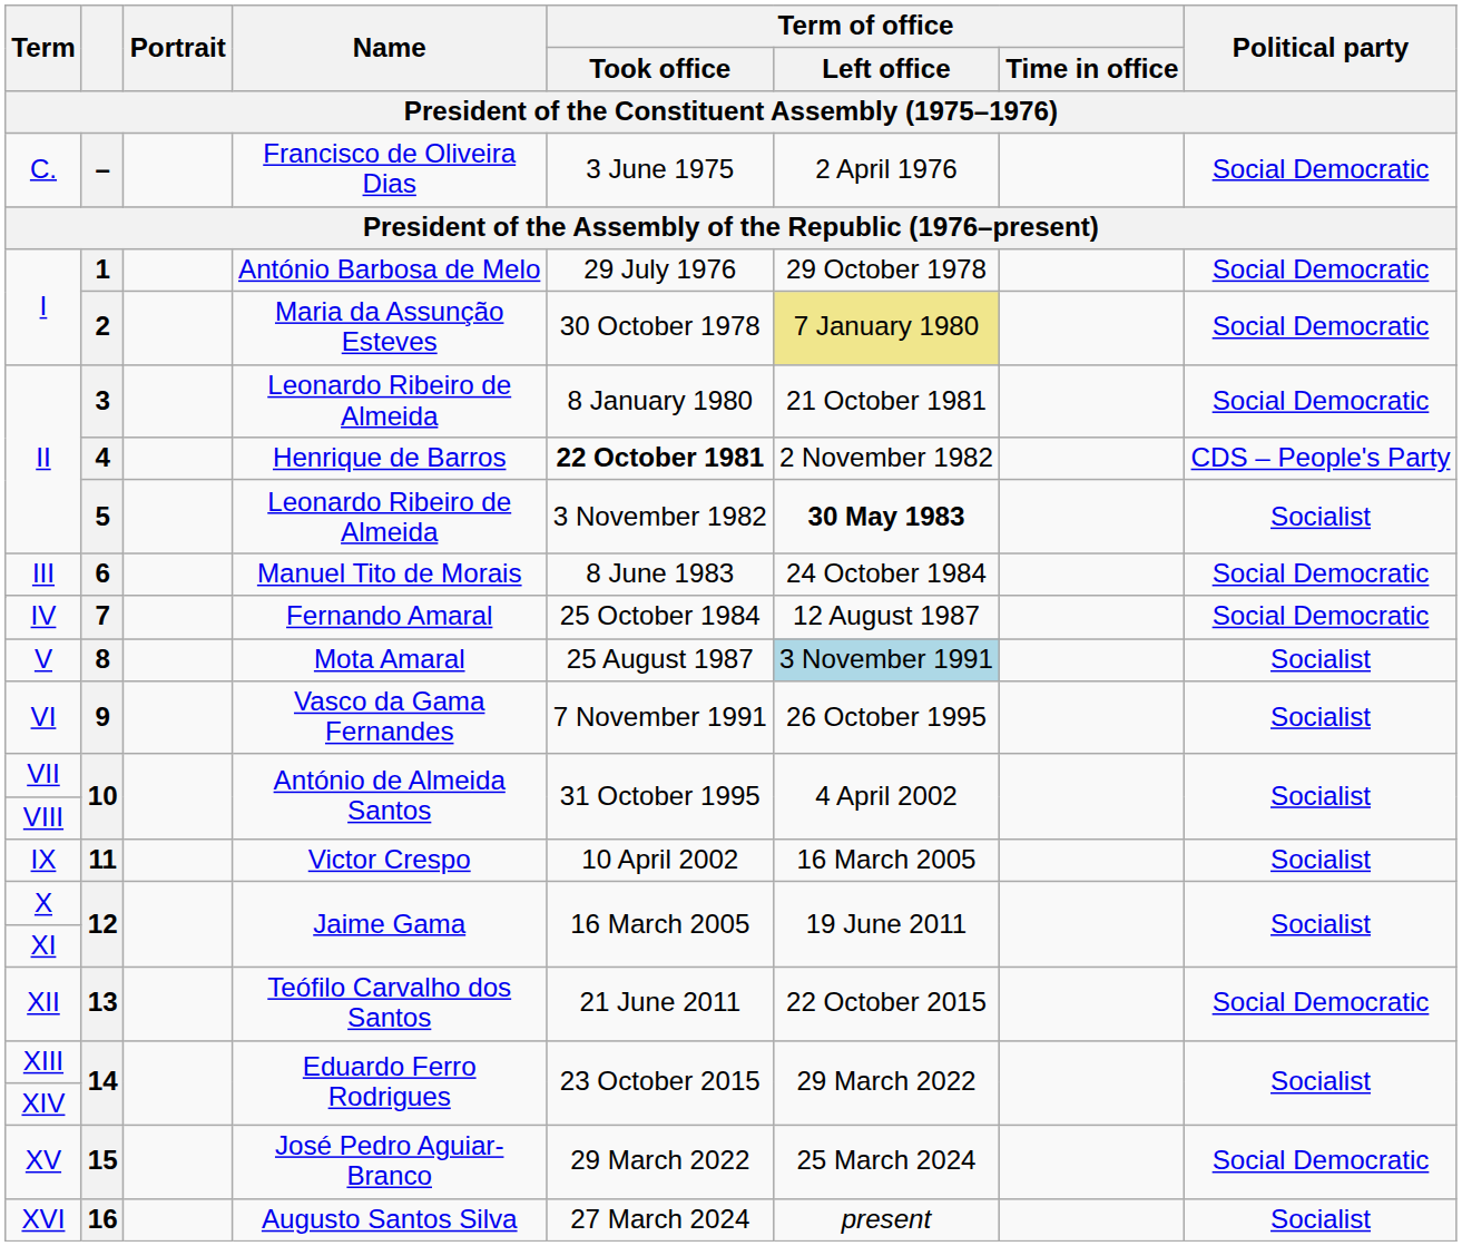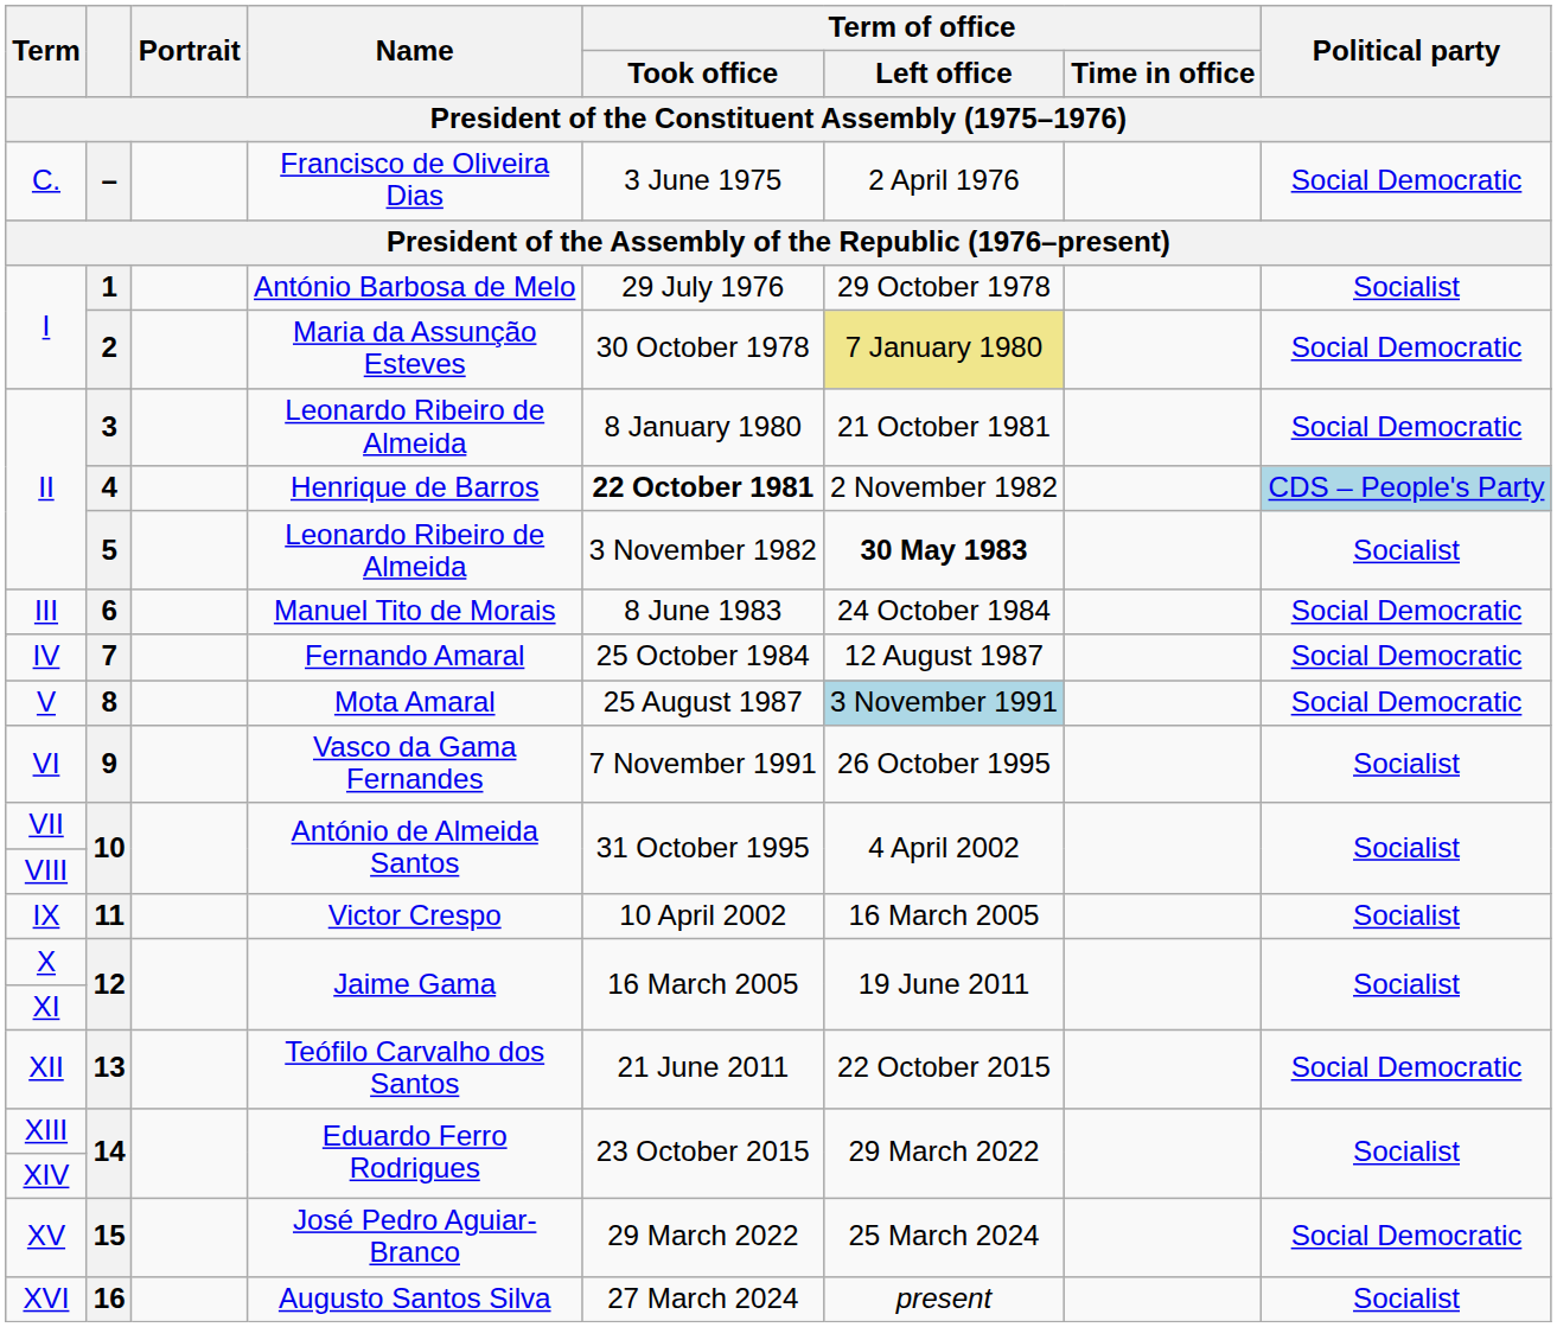 <table class="wikitable" style="text-align:center">
 <tr>
 <th rowspan="2">Term</th>
 <th rowspan="2"></th>
 <th rowspan="2">Portrait</th>
 <th rowspan="2" width="180">Name<br></th>
 <th colspan="3">Term of office</th>
 <th rowspan="2">Political party</th>
 </tr>
 <tr>
 <th>Took office</th>
 <th>Left office</th>
 <th>Time in office</th>
 </tr>
 <tr>
 <th colspan="8">President of the Constituent Assembly (1975–1976)</th>
 </tr>
 <tr>
 <td><a href='#'>C.</a></td>
 <th style="background: ">–</th>
 <td></td>
 <td><a href='#'>Francisco de Oliveira Dias</a><br></td>
 <td>3 June 1975</td>
 <td>2 April 1976</td>
 <td></td>
 <td><a href='#'>Social Democratic</a></td>
 </tr>
 <tr>
 <th colspan="8">President of the Assembly of the Republic (1976–present)</th>
 </tr>
 <tr>
 <td rowspan="3"><a href='#'>I</a></td>
 <th style="background: ">1</th>
 <td></td>
 <td><a href='#'>António Barbosa de Melo</a><br></td>
 <td>29 July 1976</td>
 <td>29 October 1978</td>
 <td></td>
-<td><a href='#'>Social Democratic</a></td>
+<td><a href='#'>Socialist</a></td>
 </tr>
 <tr>
 <th style="background: ">2</th>
 <td></td>
 <td><a href='#'>Maria da Assunção Esteves</a><br></td>
 <td>30 October 1978</td>
 <td style="background: khaki;">7 January 1980</td>
 <td></td>
 <td><a href='#'>Social Democratic</a></td>
 </tr>
 <tr>
 <th rowspan="2" style="background: ">3</th>
 <td rowspan="2"></td>
 <td rowspan="2"><a href='#'>Leonardo Ribeiro de Almeida</a><br></td>
 <td rowspan="2">8 January 1980</td>
 <td rowspan="2">21 October 1981</td>
 <td rowspan="2"></td>
 <td rowspan="2"><a href='#'>Social Democratic</a></td>
 </tr>
 <tr>
 <td rowspan="3"><a href='#'>II</a></td>
 </tr>
 <tr>
 <th style="background: ">4</th>
 <td></td>
 <td><a href='#'>Henrique de Barros</a><br></td>
 <td><strong>22 October 1981</strong></td>
 <td>2 November 1982</td>
 <td></td>
-<td><a href='#'>CDS – People's Party</a></td>
+<td style="background: lightblue;"><a href='#'>CDS – People's Party</a></td>
 </tr>
 <tr>
 <th style="background: ">5</th>
 <td></td>
 <td><a href='#'>Leonardo Ribeiro de Almeida</a><br></td>
 <td>3 November 1982</td>
 <td><strong>30 May 1983</strong></td>
 <td></td>
 <td><a href='#'>Socialist</a></td>
 </tr>
 <tr>
 <td rowspan="2"><a href='#'>III</a></td>
 <th style="background: ">6</th>
 <td></td>
 <td><a href='#'>Manuel Tito de Morais</a><br></td>
 <td>8 June 1983</td>
 <td>24 October 1984</td>
 <td></td>
 <td><a href='#'>Social Democratic</a></td>
 </tr>
 <tr>
 <th rowspan="2" style="background: ">7</th>
 <td rowspan="2"></td>
 <td rowspan="2"><a href='#'>Fernando Amaral</a><br></td>
 <td rowspan="2">25 October 1984</td>
 <td rowspan="2">12 August 1987</td>
 <td rowspan="2"></td>
 <td rowspan="2"><a href='#'>Social Democratic</a></td>
 </tr>
 <tr>
 <td><a href='#'>IV</a></td>
 </tr>
 <tr>
 <td><a href='#'>V</a></td>
 <th style="background: ">8</th>
 <td></td>
 <td><a href='#'>Mota Amaral</a><br></td>
 <td>25 August 1987</td>
 <td style="background: lightblue;">3 November 1991</td>
 <td></td>
-<td><a href='#'>Socialist</a></td>
+<td><a href='#'>Social Democratic</a></td>
 </tr>
 <tr>
 <td><a href='#'>VI</a></td>
 <th style="background: ">9</th>
 <td></td>
 <td><a href='#'>Vasco da Gama Fernandes</a><br></td>
 <td>7 November 1991</td>
 <td>26 October 1995</td>
 <td></td>
 <td><a href='#'>Socialist</a></td>
 </tr>
 <tr>
 <td><a href='#'>VII</a></td>
 <th rowspan="2" style="background: ">10</th>
 <td rowspan="2"></td>
 <td rowspan="2"><a href='#'>António de Almeida Santos</a><br></td>
 <td rowspan="2">31 October 1995</td>
 <td rowspan="2">4 April 2002</td>
 <td rowspan="2"></td>
 <td rowspan="2"><a href='#'>Socialist</a></td>
 </tr>
 <tr>
 <td><a href='#'>VIII</a></td>
 </tr>
 <tr>
 <td><a href='#'>IX</a></td>
 <th style="background: ">11</th>
 <td></td>
 <td><a href='#'>Victor Crespo</a><br></td>
 <td>10 April 2002</td>
 <td>16 March 2005</td>
 <td></td>
 <td><a href='#'>Socialist</a></td>
 </tr>
 <tr>
 <td><a href='#'>X</a></td>
 <th rowspan="2" style="background: ">12</th>
 <td rowspan="2"></td>
 <td rowspan="2"><a href='#'>Jaime Gama</a><br></td>
 <td rowspan="2">16 March 2005</td>
 <td rowspan="2">19 June 2011</td>
 <td rowspan="2"></td>
 <td rowspan="2"><a href='#'>Socialist</a></td>
 </tr>
 <tr>
 <td><a href='#'>XI</a></td>
 </tr>
 <tr>
 <td><a href='#'>XII</a></td>
 <th style="background: ">13</th>
 <td></td>
 <td><a href='#'>Teófilo Carvalho dos Santos</a><br></td>
 <td>21 June 2011</td>
 <td>22 October 2015</td>
 <td></td>
 <td><a href='#'>Social Democratic</a></td>
 </tr>
 <tr>
 <td><a href='#'>XIII</a></td>
 <th rowspan="2" style="background: ">14</th>
 <td rowspan="2"></td>
 <td rowspan="2"><a href='#'>Eduardo Ferro Rodrigues</a><br></td>
 <td rowspan="2">23 October 2015</td>
 <td rowspan="2">29 March 2022</td>
 <td rowspan="2"></td>
 <td rowspan="2"><a href='#'>Socialist</a></td>
 </tr>
 <tr>
 <td><a href='#'>XIV</a></td>
 </tr>
 <tr>
 <td><a href='#'>XV</a></td>
 <th style="background: ">15</th>
 <td></td>
 <td><a href='#'>José Pedro Aguiar-Branco</a><br></td>
 <td>29 March 2022</td>
 <td>25 March 2024</td>
 <td></td>
 <td><a href='#'>Social Democratic</a></td>
 </tr>
 <tr>
 <td><a href='#'>XVI</a></td>
 <th style="background: ">16</th>
 <td></td>
 <td><a href='#'>Augusto Santos Silva</a><br></td>
 <td>27 March 2024</td>
 <td><em>present</em></td>
 <td></td>
 <td><a href='#'>Socialist</a></td>
 </tr>
 </table>
